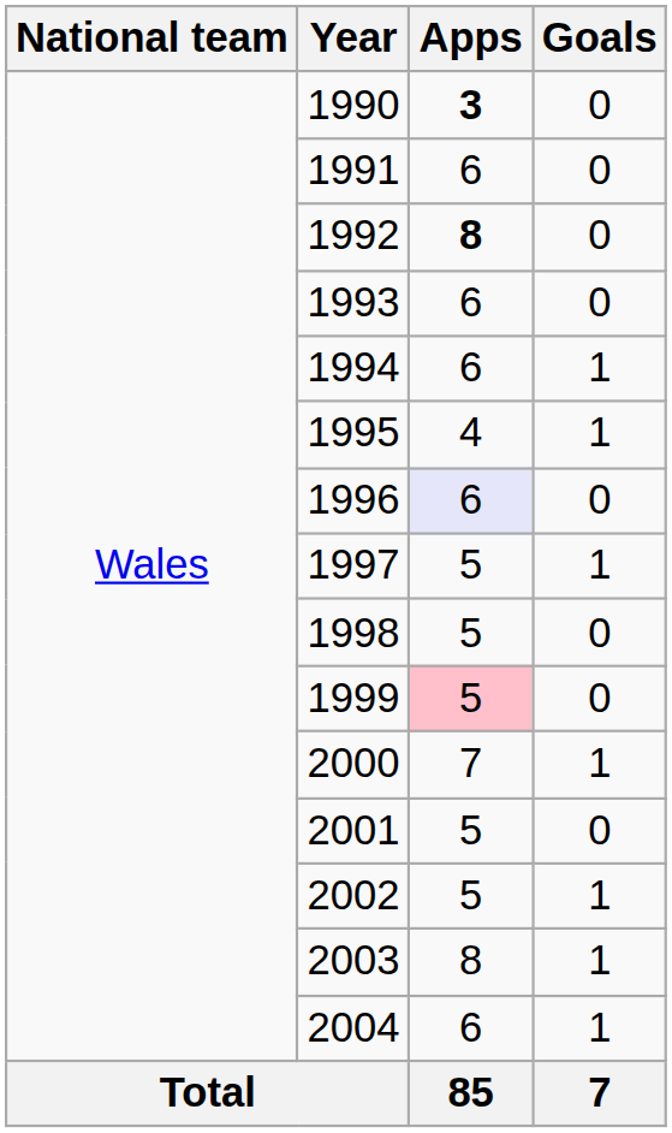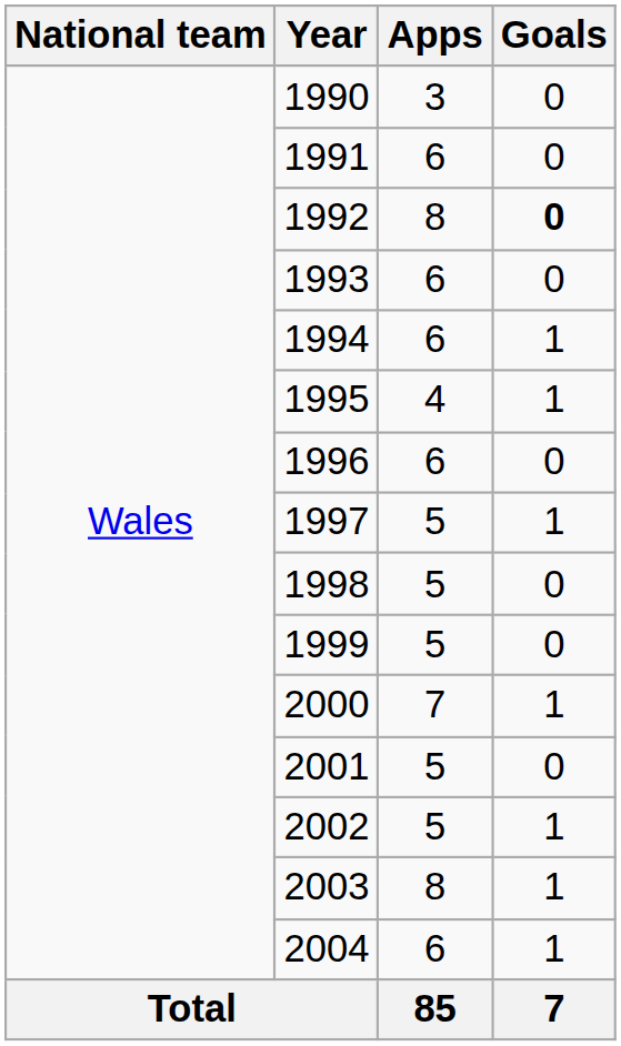 <table class="wikitable" style="text-align:center">
 <tr>
 <th>National team</th>
 <th>Year</th>
 <th>Apps</th>
 <th>Goals</th>
 </tr>
 <tr>
 <td rowspan="15"><a href='#'>Wales</a></td>
 <td>1990</td>
-<td><strong>3</strong></td>
+<td>3</td>
 <td>0</td>
 </tr>
 <tr>
 <td>1991</td>
 <td>6</td>
 <td>0</td>
 </tr>
 <tr>
 <td>1992</td>
-<td><strong>8</strong></td>
-<td>0</td>
+<td>8</td>
+<td><strong>0</strong></td>
 </tr>
 <tr>
 <td>1993</td>
 <td>6</td>
 <td>0</td>
 </tr>
 <tr>
 <td>1994</td>
 <td>6</td>
 <td>1</td>
 </tr>
 <tr>
 <td>1995</td>
 <td>4</td>
 <td>1</td>
 </tr>
 <tr>
 <td>1996</td>
-<td style="background: lavender;">6</td>
+<td>6</td>
 <td>0</td>
 </tr>
 <tr>
 <td>1997</td>
 <td>5</td>
 <td>1</td>
 </tr>
 <tr>
 <td>1998</td>
 <td>5</td>
 <td>0</td>
 </tr>
 <tr>
 <td>1999</td>
-<td style="background: pink;">5</td>
+<td>5</td>
 <td>0</td>
 </tr>
 <tr>
 <td>2000</td>
 <td>7</td>
 <td>1</td>
 </tr>
 <tr>
 <td>2001</td>
 <td>5</td>
 <td>0</td>
 </tr>
 <tr>
 <td>2002</td>
 <td>5</td>
 <td>1</td>
 </tr>
 <tr>
 <td>2003</td>
 <td>8</td>
 <td>1</td>
 </tr>
 <tr>
 <td>2004</td>
 <td>6</td>
 <td>1</td>
 </tr>
 <tr>
 <th colspan="2">Total</th>
 <th>85</th>
 <th>7</th>
 </tr>
 </table>
